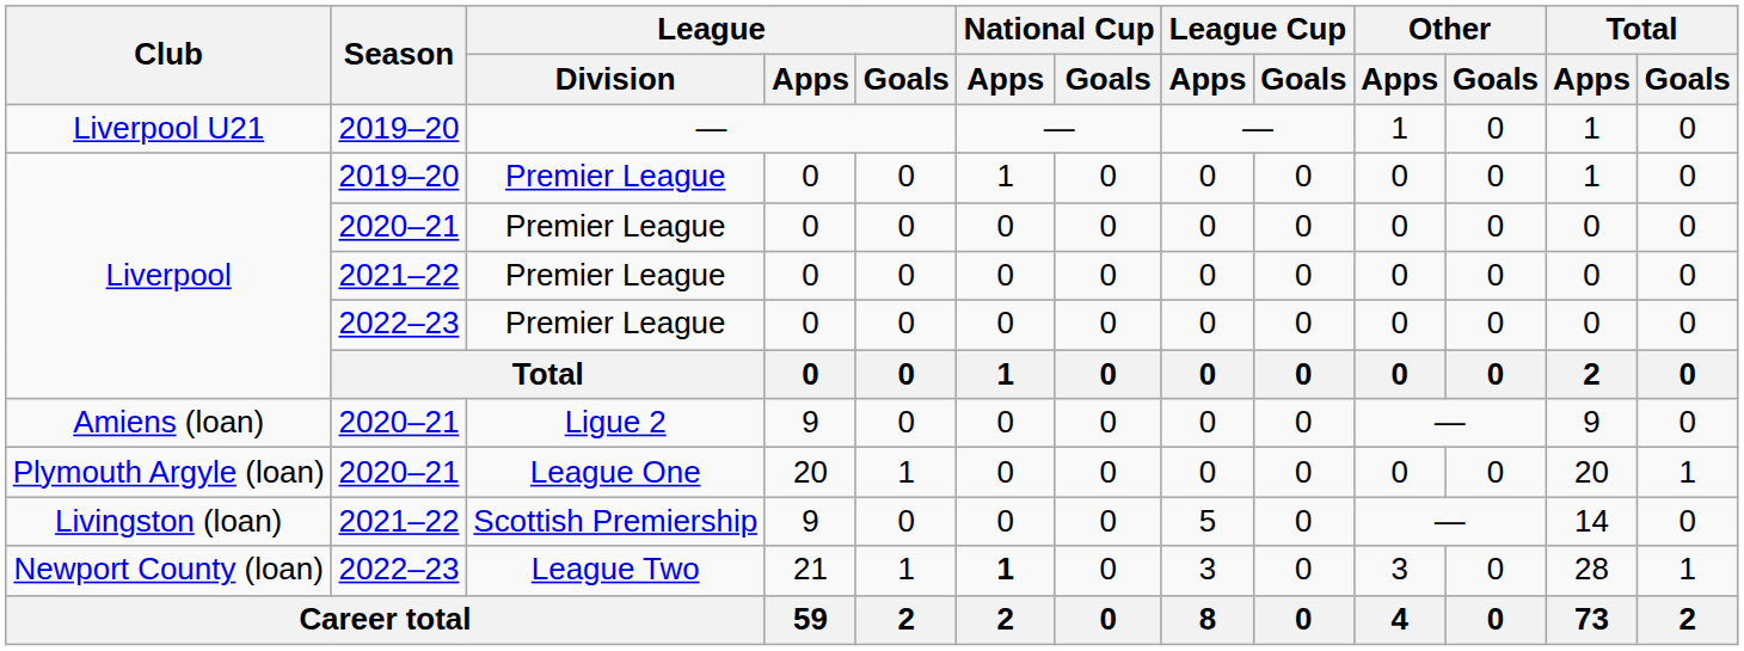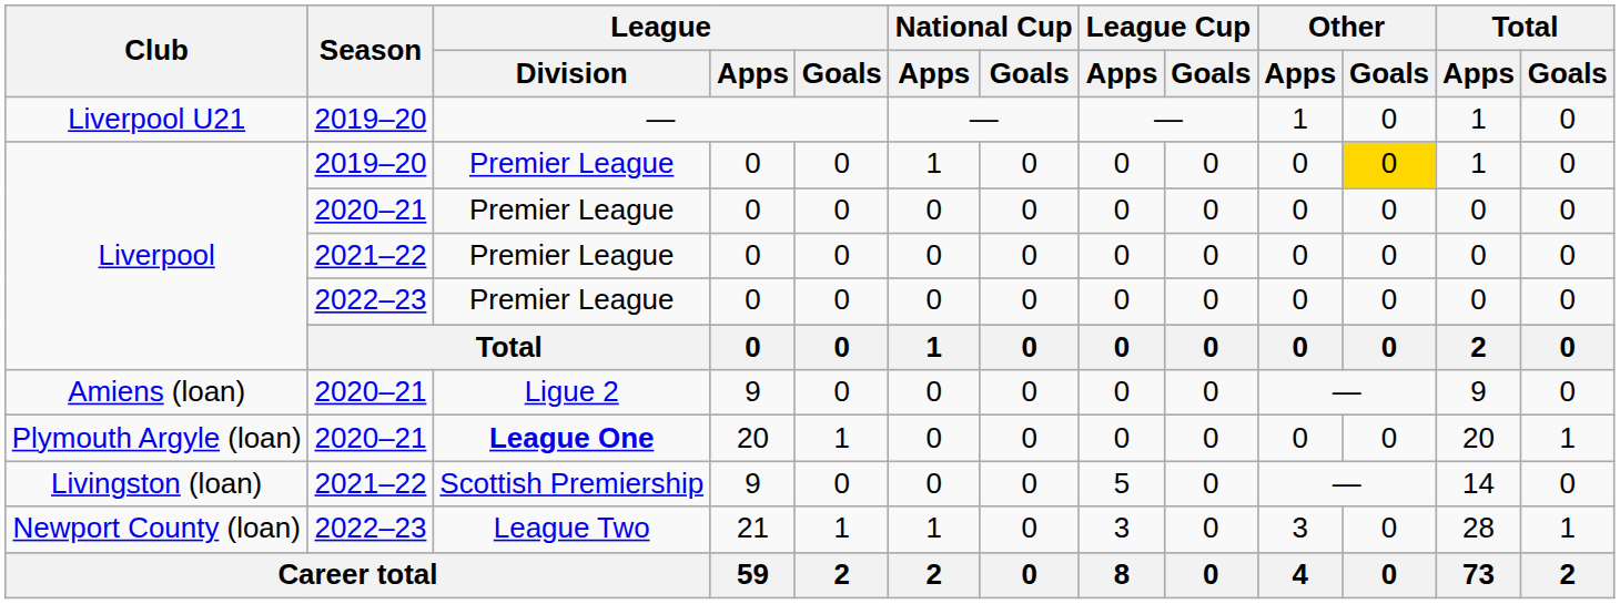 <table class="wikitable" style="text-align:center">
 <tr>
 <th rowspan=2>Club</th>
 <th rowspan=2>Season</th>
 <th colspan=3>League</th>
 <th colspan=2>National Cup</th>
 <th colspan=2>League Cup</th>
 <th colspan=2>Other</th>
 <th colspan=2>Total</th>
 </tr>
 <tr>
 <th>Division</th>
 <th>Apps</th>
 <th>Goals</th>
 <th>Apps</th>
 <th>Goals</th>
 <th>Apps</th>
 <th>Goals</th>
 <th>Apps</th>
 <th>Goals</th>
 <th>Apps</th>
 <th>Goals</th>
 </tr>
 <tr>
 <td><a href='#'>Liverpool U21</a></td>
 <td><a href='#'>2019–20</a></td>
 <td colspan=3>—</td>
 <td colspan=2>—</td>
 <td colspan=2>—</td>
 <td>1</td>
 <td>0</td>
 <td>1</td>
 <td>0</td>
 </tr>
 <tr>
 <td rowspan="5"><a href='#'>Liverpool</a></td>
 <td><a href='#'>2019–20</a></td>
 <td><a href='#'>Premier League</a></td>
 <td>0</td>
 <td>0</td>
 <td>1</td>
 <td>0</td>
 <td>0</td>
 <td>0</td>
 <td>0</td>
-<td>0</td>
+<td style="background: gold;">0</td>
 <td>1</td>
 <td>0</td>
 </tr>
 <tr>
 <td><a href='#'>2020–21</a></td>
 <td>Premier League</td>
 <td>0</td>
 <td>0</td>
 <td>0</td>
 <td>0</td>
 <td>0</td>
 <td>0</td>
 <td>0</td>
 <td>0</td>
 <td>0</td>
 <td>0</td>
 </tr>
 <tr>
 <td><a href='#'>2021–22</a></td>
 <td>Premier League</td>
 <td>0</td>
 <td>0</td>
 <td>0</td>
 <td>0</td>
 <td>0</td>
 <td>0</td>
 <td>0</td>
 <td>0</td>
 <td>0</td>
 <td>0</td>
 </tr>
 <tr>
 <td><a href='#'>2022–23</a></td>
 <td>Premier League</td>
 <td>0</td>
 <td>0</td>
 <td>0</td>
 <td>0</td>
 <td>0</td>
 <td>0</td>
 <td>0</td>
 <td>0</td>
 <td>0</td>
 <td>0</td>
 </tr>
 <tr>
 <th colspan="2">Total</th>
 <th>0</th>
 <th>0</th>
 <th>1</th>
 <th>0</th>
 <th>0</th>
 <th>0</th>
 <th>0</th>
 <th>0</th>
 <th>2</th>
 <th>0</th>
 </tr>
 <tr>
 <td><a href='#'>Amiens</a> (loan)</td>
 <td><a href='#'>2020–21</a></td>
 <td><a href='#'>Ligue 2</a></td>
 <td>9</td>
 <td>0</td>
 <td>0</td>
 <td>0</td>
 <td>0</td>
 <td>0</td>
 <td colspan="2">—</td>
 <td>9</td>
 <td>0</td>
 </tr>
 <tr>
 <td><a href='#'>Plymouth Argyle</a> (loan)</td>
 <td><a href='#'>2020–21</a></td>
-<td><a href='#'>League One</a></td>
+<td><strong><a href='#'>League One</a></strong></td>
 <td>20</td>
 <td>1</td>
 <td>0</td>
 <td>0</td>
 <td>0</td>
 <td>0</td>
 <td>0</td>
 <td>0</td>
 <td>20</td>
 <td>1</td>
 </tr>
 <tr>
 <td><a href='#'>Livingston</a> (loan)</td>
 <td><a href='#'>2021–22</a></td>
 <td><a href='#'>Scottish Premiership</a></td>
 <td>9</td>
 <td>0</td>
 <td>0</td>
 <td>0</td>
 <td>5</td>
 <td>0</td>
 <td colspan=2>—</td>
 <td>14</td>
 <td>0</td>
 </tr>
 <tr>
 <td><a href='#'>Newport County</a> (loan)</td>
 <td><a href='#'>2022–23</a></td>
 <td><a href='#'>League Two</a></td>
 <td>21</td>
 <td>1</td>
-<td><strong>1</strong></td>
+<td>1</td>
 <td>0</td>
 <td>3</td>
 <td>0</td>
 <td>3</td>
 <td>0</td>
 <td>28</td>
 <td>1</td>
 </tr>
 <tr>
 <th colspan=3>Career total</th>
 <th>59</th>
 <th>2</th>
 <th>2</th>
 <th>0</th>
 <th>8</th>
 <th>0</th>
 <th>4</th>
 <th>0</th>
 <th>73</th>
 <th>2</th>
 </tr>
 </table>
